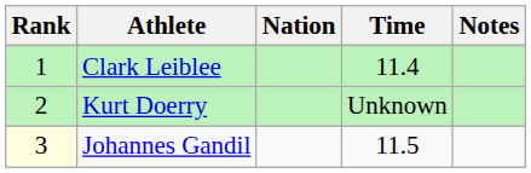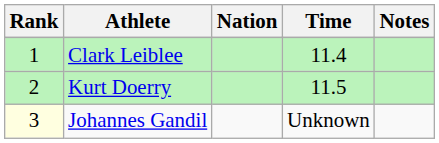 <table class="wikitable sortable" style="text-align:center">
 <tr>
 <th>Rank</th>
 <th>Athlete</th>
 <th>Nation</th>
 <th>Time</th>
 <th>Notes</th>
 </tr>
 <tr>
 </tr>
 <tr style="background:#bbf3bb;">
 <td>1</td>
 <td align=left><a href='#'>Clark Leiblee</a></td>
 <td align=left></td>
 <td>11.4</td>
 <td></td>
 </tr>
 <tr style="background:#bbf3bb;">
 <td>2</td>
 <td align=left><a href='#'>Kurt Doerry</a></td>
 <td align=left></td>
-<td>Unknown</td>
+<td>11.5</td>
 <td></td>
 </tr>
 <tr>
 <td style="background: lightyellow;">3</td>
 <td align=left><a href='#'>Johannes Gandil</a></td>
 <td align=left></td>
-<td>11.5</td>
+<td>Unknown</td>
 <td></td>
 </tr>
 </table>
